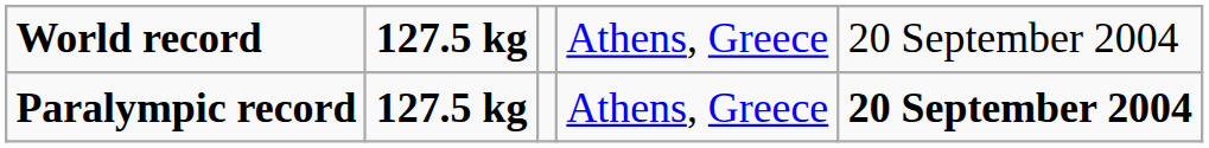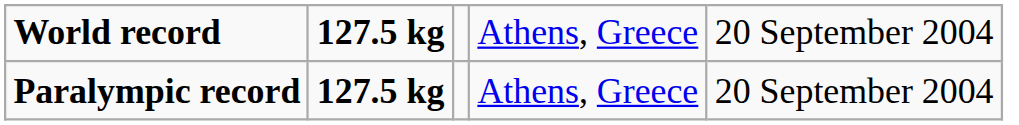 <table class="wikitable">
 <tr>
 <td><strong>World record</strong></td>
 <td><strong>127.5 kg</strong></td>
 <td></td>
 <td><a href='#'>Athens</a>, <a href='#'>Greece</a></td>
 <td>20 September 2004</td>
 </tr>
 <tr>
 <td><strong>Paralympic record</strong></td>
 <td><strong>127.5 kg</strong></td>
 <td></td>
 <td><a href='#'>Athens</a>, <a href='#'>Greece</a></td>
-<td><strong>20 September 2004</strong></td>
+<td>20 September 2004</td>
 </tr>
 </table>
